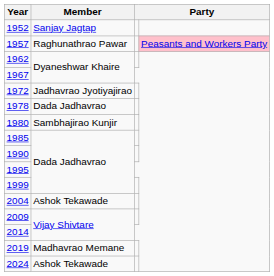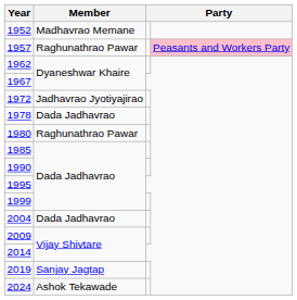 <table class="wikitable">
 <tr>
 <th>Year</th>
 <th>Member</th>
 <th colspan="2">Party</th>
 </tr>
 <tr>
 <td><a href='#'>1952</a></td>
-<td><a href='#'>Sanjay Jagtap</a></td>
+<td>Madhavrao Memane</td>
 <td></td>
 </tr>
 <tr>
 <td><a href='#'>1957</a></td>
 <td>Raghunathrao Pawar</td>
 <td style="background-color: "></td>
 <td style="background: pink;"><a href='#'>Peasants and Workers Party</a></td>
 </tr>
 <tr>
 <td><a href='#'>1962</a></td>
 <td rowspan="2">Dyaneshwar Khaire</td>
 <td></td>
 </tr>
 <tr>
 <td><a href='#'>1967</a></td>
 </tr>
 <tr>
 <td><a href='#'>1972</a></td>
 <td>Jadhavrao Jyotiyajirao</td>
 <td></td>
 </tr>
 <tr>
 <td><a href='#'>1978</a></td>
 <td>Dada Jadhavrao</td>
 <td></td>
 </tr>
 <tr>
 <td><a href='#'>1980</a></td>
-<td>Sambhajirao Kunjir</td>
+<td>Raghunathrao Pawar</td>
 <td></td>
 </tr>
 <tr>
 <td><a href='#'>1985</a></td>
 <td rowspan="4">Dada Jadhavrao</td>
 <td></td>
 </tr>
 <tr>
 <td><a href='#'>1990</a></td>
 <td></td>
 </tr>
 <tr>
 <td><a href='#'>1995</a></td>
 </tr>
 <tr>
 <td><a href='#'>1999</a></td>
 <td></td>
 </tr>
 <tr>
 <td><a href='#'>2004</a></td>
-<td>Ashok Tekawade</td>
+<td>Dada Jadhavrao</td>
 <td></td>
 </tr>
 <tr>
 <td><a href='#'>2009</a></td>
 <td rowspan="2"><a href='#'>Vijay Shivtare</a></td>
 <td></td>
 </tr>
 <tr>
 <td><a href='#'>2014</a></td>
 </tr>
 <tr>
 <td><a href='#'>2019</a></td>
-<td>Madhavrao Memane</td>
+<td><a href='#'>Sanjay Jagtap</a></td>
 <td></td>
 </tr>
 <tr>
 <td><a href='#'>2024</a></td>
 <td>Ashok Tekawade</td>
 <td></td>
 </tr>
 </table>
